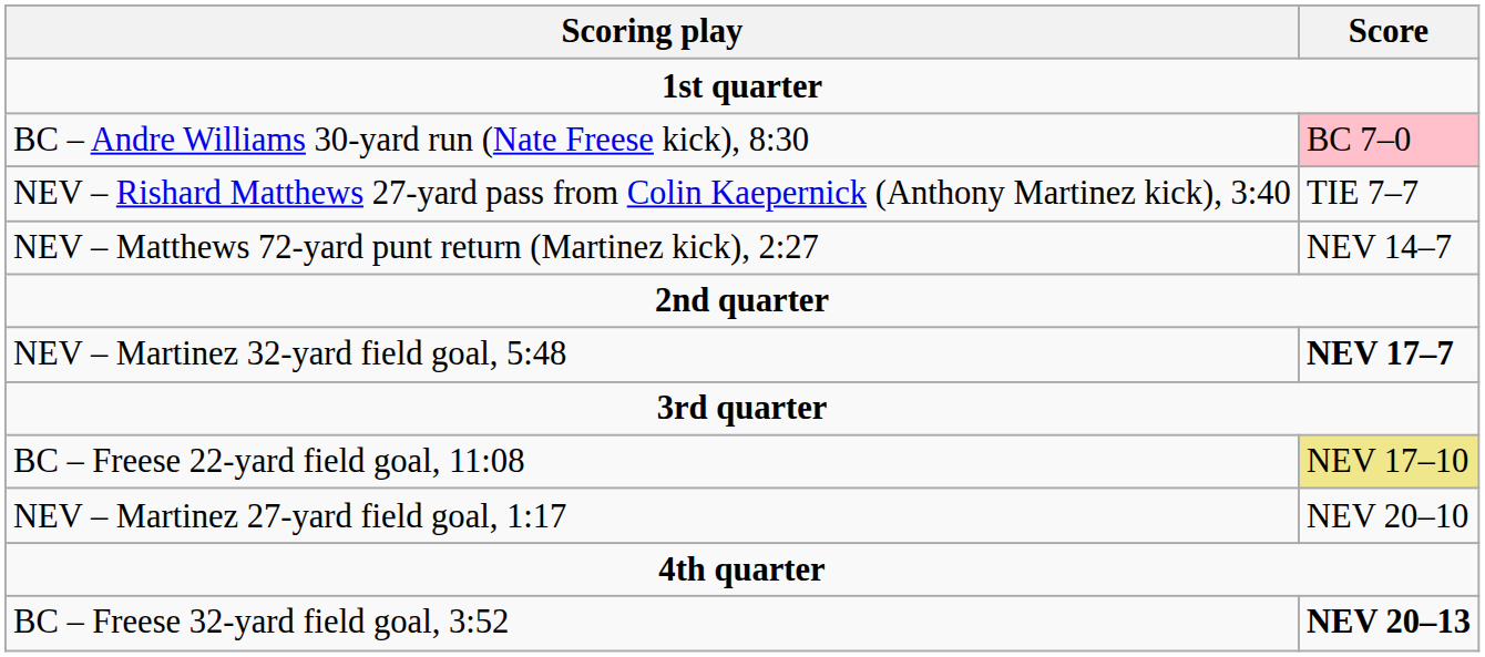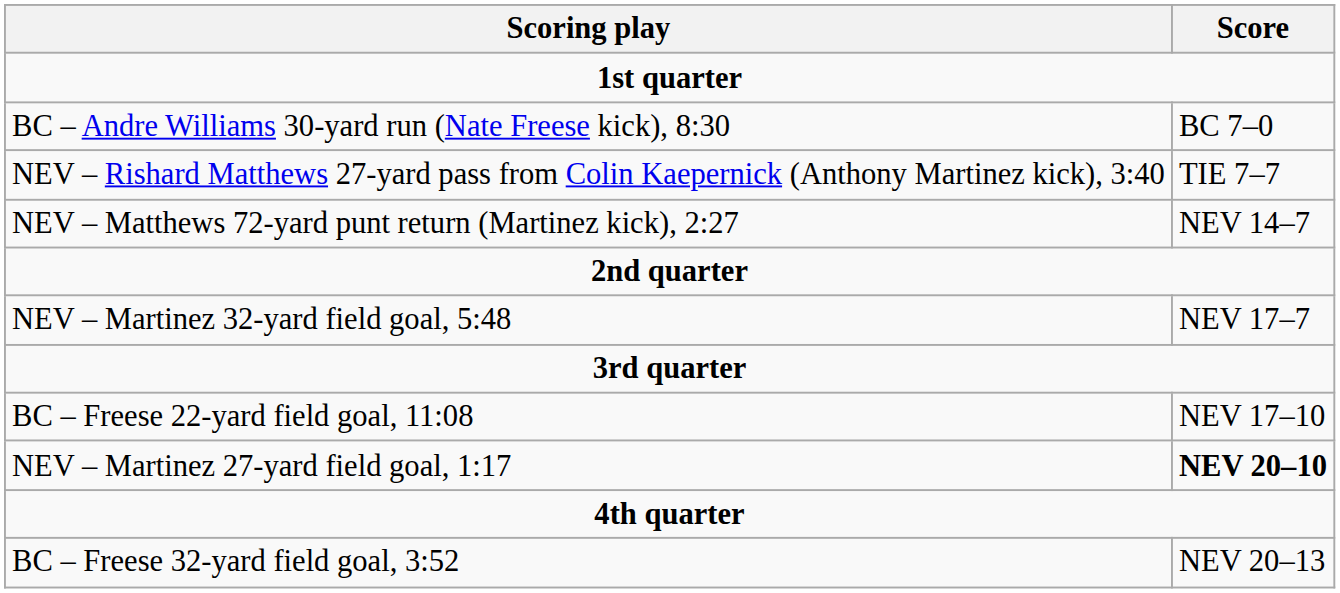 <table class="wikitable">
 <tr>
 <th>Scoring play</th>
 <th>Score</th>
 </tr>
 <tr>
 <td colspan="4" align="center"><strong>1st quarter</strong></td>
 </tr>
 <tr>
 <td>BC – <a href='#'>Andre Williams</a> 30-yard run (<a href='#'>Nate Freese</a> kick), 8:30</td>
-<td style="background: pink;">BC 7–0</td>
+<td>BC 7–0</td>
 </tr>
 <tr>
 <td>NEV – <a href='#'>Rishard Matthews</a> 27-yard pass from <a href='#'>Colin Kaepernick</a> (Anthony Martinez kick), 3:40</td>
 <td>TIE 7–7</td>
 </tr>
 <tr>
 <td>NEV – Matthews 72-yard punt return (Martinez kick), 2:27</td>
 <td>NEV 14–7</td>
 </tr>
 <tr>
 <td colspan="4" align="center"><strong>2nd quarter</strong></td>
 </tr>
 <tr>
 <td>NEV – Martinez 32-yard field goal, 5:48</td>
-<td><strong>NEV 17–7</strong></td>
+<td>NEV 17–7</td>
 </tr>
 <tr>
 <td colspan="4" align="center"><strong>3rd quarter</strong></td>
 </tr>
 <tr>
 <td>BC – Freese 22-yard field goal, 11:08</td>
-<td style="background: khaki;">NEV 17–10</td>
+<td>NEV 17–10</td>
 </tr>
 <tr>
 <td>NEV – Martinez 27-yard field goal, 1:17</td>
-<td>NEV 20–10</td>
+<td><strong>NEV 20–10</strong></td>
 </tr>
 <tr>
 <td colspan="4" align="center"><strong>4th quarter</strong></td>
 </tr>
 <tr>
 <td>BC – Freese 32-yard field goal, 3:52</td>
-<td><strong>NEV 20–13</strong></td>
+<td>NEV 20–13</td>
 </tr>
 </table>
